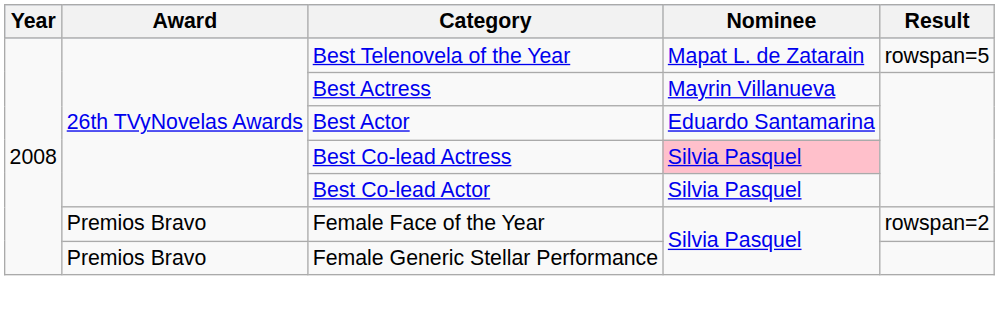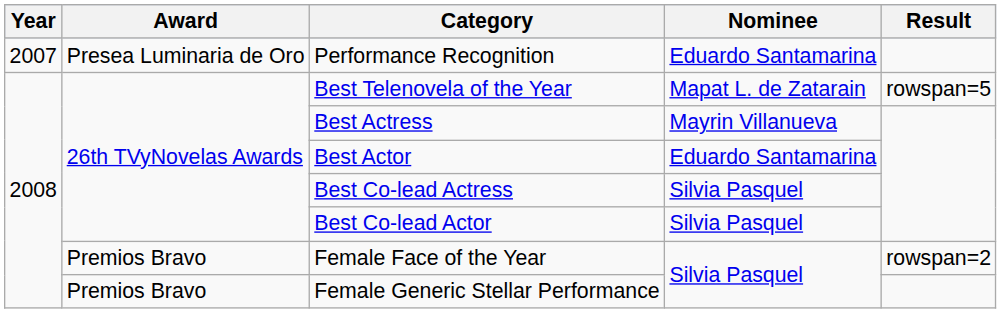 <table class="wikitable">
 <tr style="background:#b0c4de;">
 <th>Year</th>
 <th>Award</th>
 <th>Category</th>
 <th>Nominee</th>
 <th>Result</th>
+</tr>
+<tr>
+<td>2007</td>
+<td>Presea Luminaria de Oro</td>
+<td>Performance Recognition</td>
+<td><a href='#'>Eduardo Santamarina</a></td>
+<td></td>
 </tr>
 <tr>
 <td rowspan=7>2008</td>
 <td rowspan=5><a href='#'>26th TVyNovelas Awards</a></td>
 <td><a href='#'>Best Telenovela of the Year</a></td>
 <td><a href='#'>Mapat L. de Zatarain</a></td>
 <td>rowspan=5 </td>
 </tr>
 <tr>
 <td><a href='#'>Best Actress</a></td>
 <td><a href='#'>Mayrin Villanueva</a></td>
 </tr>
 <tr>
 <td><a href='#'>Best Actor</a></td>
 <td><a href='#'>Eduardo Santamarina</a></td>
 </tr>
 <tr>
 <td><a href='#'>Best Co-lead Actress</a></td>
-<td style="background: pink;"><a href='#'>Silvia Pasquel</a></td>
+<td><a href='#'>Silvia Pasquel</a></td>
 </tr>
 <tr>
 <td><a href='#'>Best Co-lead Actor</a></td>
 <td><a href='#'>Silvia Pasquel</a></td>
 </tr>
 <tr>
 <td>Premios Bravo</td>
 <td>Female Face of the Year</td>
 <td rowspan=2><a href='#'>Silvia Pasquel</a></td>
 <td>rowspan=2 </td>
 </tr>
 <tr>
 <td>Premios Bravo</td>
 <td>Female Generic Stellar Performance</td>
 </tr>
 </table>
